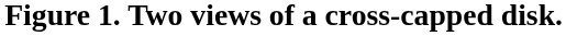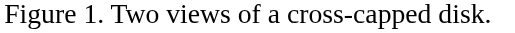 <table>
 <tr>
 <td></td>
 </tr>
 <tr>
-<td align=center><strong>Figure 1. Two views of a cross-capped disk.</strong></td>
+<td align=center>Figure 1. Two views of a cross-capped disk.</td>
 </tr>
 </table>
